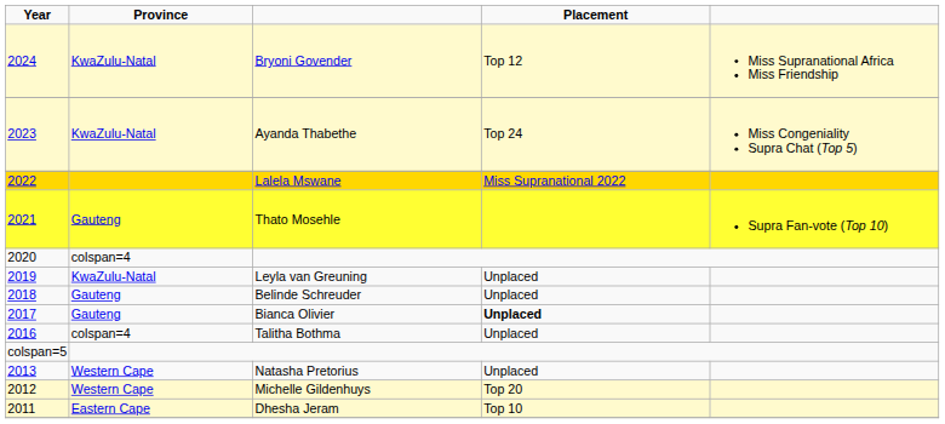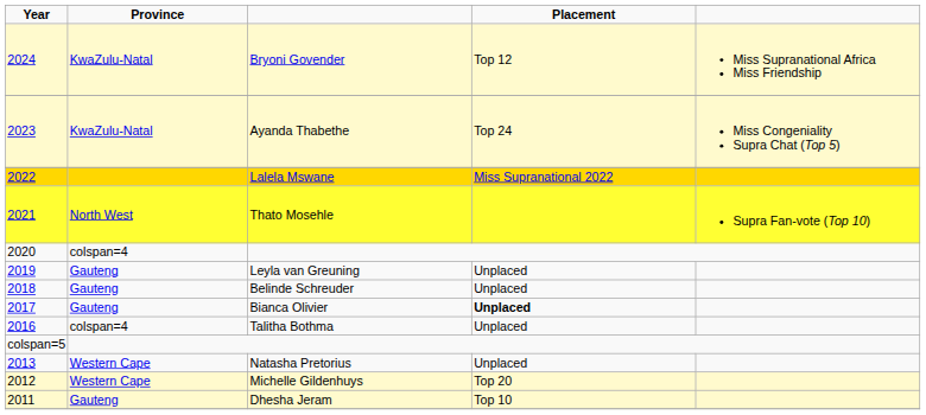 <table class="sortable" border="5" cellpadding="2" cellspacing="0" align=" 0 1em 0 0" style="background: #f9f9f9; border: 1px #aaa solid; border-collapse: collapse; font-size: 90%">
 <tr>
 <th width="60">Year</th>
 <th width="200">Province</th>
 <th width="250"></th>
 <th width="250">Placement</th>
 <th width="250"></th>
 </tr>
 <tr style="background:#FFFACD;">
 <td><a href='#'>2024</a></td>
 <td><a href='#'>KwaZulu-Natal</a></td>
 <td><a href='#'>Bryoni Govender</a></td>
 <td>Top 12</td>
 <td><br><ul><li>Miss Supranational Africa</li><li>Miss Friendship</li></ul></td>
 </tr>
 <tr>
 </tr>
 <tr style="background-color:#FFFACD;">
 <td><a href='#'>2023</a></td>
 <td><a href='#'>KwaZulu-Natal</a></td>
 <td>Ayanda Thabethe</td>
 <td>Top 24</td>
 <td align="left"><br><ul><li>Miss Congeniality</li><li>Supra Chat (<em>Top 5</em>)</li></ul></td>
 </tr>
 <tr>
 </tr>
 <tr style="background-color:gold; ">
 <td><a href='#'>2022</a></td>
 <td></td>
 <td><a href='#'>Lalela Mswane</a></td>
 <td><a href='#'>Miss Supranational 2022</a></td>
 <td></td>
 </tr>
 <tr style="background-color:#FFFF33;">
 <td><a href='#'>2021</a></td>
-<td><a href='#'>Gauteng</a></td>
+<td><a href='#'>North West</a></td>
 <td>Thato Mosehle</td>
 <td></td>
 <td align="left"><br><ul><li>Supra Fan-vote (<em>Top 10</em>)</li></ul></td>
 </tr>
 <tr>
 <td>2020</td>
 <td>colspan=4 </td>
 </tr>
 <tr>
 <td><a href='#'>2019</a></td>
-<td><a href='#'>KwaZulu-Natal</a></td>
+<td><a href='#'>Gauteng</a></td>
 <td>Leyla van Greuning</td>
 <td>Unplaced</td>
 <td></td>
 </tr>
 <tr>
 <td><a href='#'>2018</a></td>
 <td><a href='#'>Gauteng</a></td>
 <td>Belinde Schreuder</td>
 <td>Unplaced</td>
 <td></td>
 </tr>
 <tr>
 <td><a href='#'>2017</a></td>
 <td><a href='#'>Gauteng</a></td>
 <td>Bianca Olivier</td>
 <td><strong>Unplaced</strong></td>
 <td></td>
 </tr>
 <tr>
 <td><a href='#'>2016</a></td>
 <td>colspan=4 </td>
 <td>Talitha Bothma</td>
 <td>Unplaced</td>
 <td></td>
 </tr>
 <tr>
 <td>colspan=5 </td>
 </tr>
 <tr>
 <td><a href='#'>2013</a></td>
 <td><a href='#'>Western Cape</a></td>
 <td>Natasha Pretorius</td>
 <td>Unplaced</td>
 <td></td>
 </tr>
 <tr style="background-color:#FFFACD;">
 <td>2012</td>
 <td><a href='#'>Western Cape</a></td>
 <td>Michelle Gildenhuys</td>
 <td>Top 20</td>
 <td></td>
 </tr>
 <tr style="background-color:#FFFACD;">
 <td>2011</td>
-<td><a href='#'>Eastern Cape</a></td>
+<td><a href='#'>Gauteng</a></td>
 <td>Dhesha Jeram</td>
 <td>Top 10</td>
 <td></td>
 </tr>
 <tr>
 </tr>
 </table>
